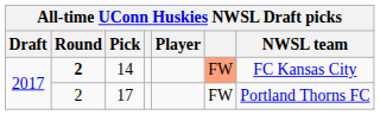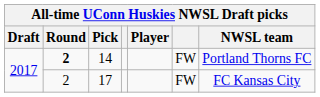 <table class="wikitable sortable" style="text-align: center;">
 <tr>
 <th colspan="7" style="background:#">All-time <a href='#'><span>UConn Huskies</span></a> NWSL Draft picks</th>
 </tr>
 <tr>
 <th scope="col">Draft</th>
 <th scope="col">Round</th>
 <th scope="col">Pick</th>
 <th scope="col"></th>
 <th scope="col">Player</th>
 <th scope="col"></th>
 <th scope="col">NWSL team</th>
 </tr>
 <tr>
 <td rowspan="2"><a href='#'>2017</a></td>
 <td><strong>2</strong></td>
 <td>14</td>
 <td></td>
 <td></td>
-<td style="background: lightsalmon;">FW</td>
-<td><a href='#'>FC Kansas City</a></td>
+<td>FW</td>
+<td><a href='#'>Portland Thorns FC</a></td>
 </tr>
 <tr>
 <td>2</td>
 <td>17</td>
 <td></td>
 <td></td>
 <td>FW</td>
-<td><a href='#'>Portland Thorns FC</a></td>
+<td><a href='#'>FC Kansas City</a></td>
 </tr>
 </table>
